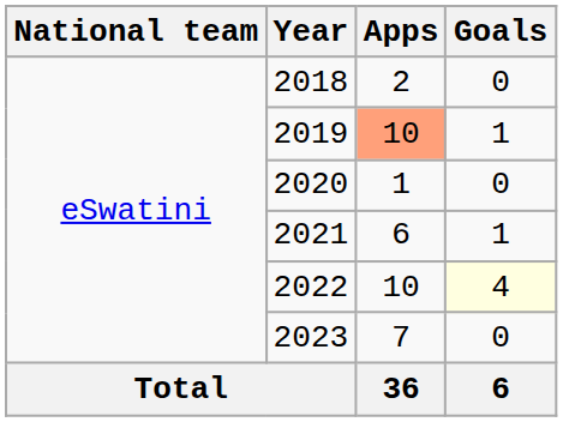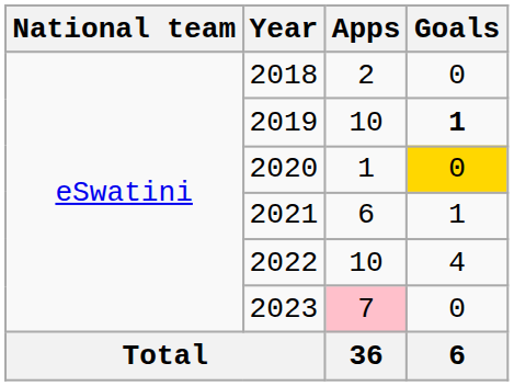 <table class="wikitable" style="text-align:center">
 <tr>
 <th>National team</th>
 <th>Year</th>
 <th>Apps</th>
 <th>Goals</th>
 </tr>
 <tr>
 <td rowspan="6"><a href='#'>eSwatini</a></td>
 <td>2018</td>
 <td>2</td>
 <td>0</td>
 </tr>
 <tr>
 <td>2019</td>
-<td style="background: lightsalmon;">10</td>
-<td>1</td>
+<td>10</td>
+<td><strong>1</strong></td>
 </tr>
 <tr>
 <td>2020</td>
 <td>1</td>
-<td>0</td>
+<td style="background: gold;">0</td>
 </tr>
 <tr>
 <td>2021</td>
 <td>6</td>
 <td>1</td>
 </tr>
 <tr>
 <td>2022</td>
 <td>10</td>
-<td style="background: lightyellow;">4</td>
+<td>4</td>
 </tr>
 <tr>
 <td>2023</td>
-<td>7</td>
+<td style="background: pink;">7</td>
 <td>0</td>
 </tr>
 <tr>
 <th colspan=2>Total</th>
 <th>36</th>
 <th>6</th>
 </tr>
 </table>
